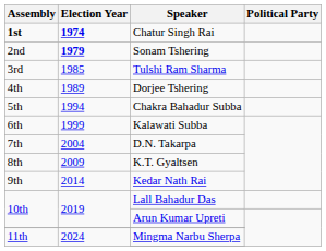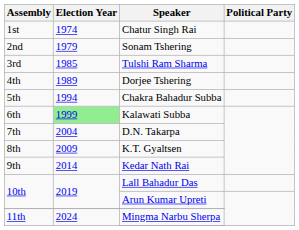 <table class="wikitable sortable">
 <tr>
 <th>Assembly</th>
 <th>Election Year</th>
 <th>Speaker</th>
 <th colspan=2>Political Party</th>
 </tr>
 <tr>
-<td><strong>1st</strong></td>
-<td><strong><a href='#'>1974</a></strong></td>
+<td>1st</td>
+<td><a href='#'>1974</a></td>
 <td>Chatur Singh Rai</td>
 <td></td>
 </tr>
 <tr>
 <td>2nd</td>
-<td><strong><a href='#'>1979</a></strong></td>
+<td><a href='#'>1979</a></td>
 <td>Sonam Tshering</td>
 <td></td>
 </tr>
 <tr>
 <td>3rd</td>
 <td><a href='#'>1985</a></td>
 <td><a href='#'>Tulshi Ram Sharma</a></td>
 <td></td>
 </tr>
 <tr>
 <td>4th</td>
 <td><a href='#'>1989</a></td>
 <td>Dorjee Tshering</td>
 </tr>
 <tr>
 <td>5th</td>
 <td><a href='#'>1994</a></td>
 <td>Chakra Bahadur Subba</td>
 <td></td>
 </tr>
 <tr>
 <td>6th</td>
-<td><a href='#'>1999</a></td>
+<td style="background: lightgreen;"><a href='#'>1999</a></td>
 <td>Kalawati Subba</td>
 </tr>
 <tr>
 <td>7th</td>
 <td><a href='#'>2004</a></td>
 <td>D.N. Takarpa</td>
 </tr>
 <tr>
 <td>8th</td>
 <td><a href='#'>2009</a></td>
 <td>K.T. Gyaltsen</td>
 </tr>
 <tr>
 <td>9th</td>
 <td><a href='#'>2014</a></td>
 <td><a href='#'>Kedar Nath Rai</a></td>
 </tr>
 <tr>
 <td rowspan="2"><a href='#'>10th</a></td>
 <td rowspan="2"><a href='#'>2019</a></td>
 <td><a href='#'>Lall Bahadur Das</a></td>
 <td></td>
 </tr>
 <tr>
 <td><a href='#'>Arun Kumar Upreti</a></td>
 </tr>
 <tr>
 </tr>
 <tr>
 <td rowspan="2"><a href='#'>11th</a></td>
 <td rowspan="2"><a href='#'>2024</a></td>
 <td><a href='#'>Mingma Narbu Sherpa</a></td>
 </tr>
 <tr>
 </tr>
 </table>
